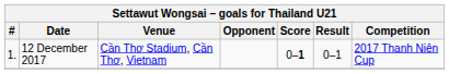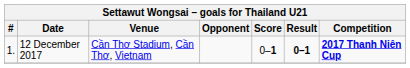 <table class="wikitable" style="font-size:95%;">
 <tr>
 <th colspan="8"><strong>Settawut Wongsai – goals for Thailand U21</strong></th>
 </tr>
 <tr>
 <th>#</th>
 <th>Date</th>
 <th>Venue</th>
 <th>Opponent</th>
 <th>Score</th>
 <th>Result</th>
 <th>Competition</th>
 </tr>
 <tr>
 <td>1.</td>
 <td>12 December 2017</td>
 <td><a href='#'>Cần Thơ Stadium</a>, <a href='#'>Cần Thơ</a>, <a href='#'>Vietnam</a></td>
 <td></td>
 <td align=center>0–<strong>1</strong></td>
-<td align=center>0–1</td>
-<td><a href='#'>2017 Thanh Niên Cup</a></td>
+<td align=center><strong>0–1</strong></td>
+<td><strong><a href='#'>2017 Thanh Niên Cup</a></strong></td>
 </tr>
 <tr>
 </tr>
 </table>
